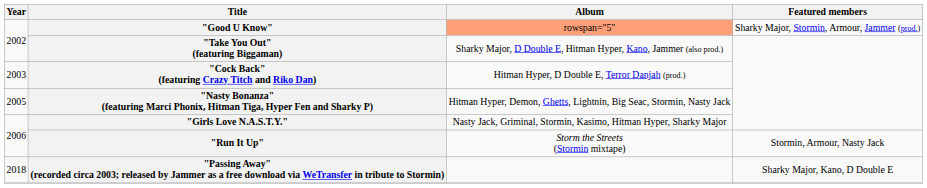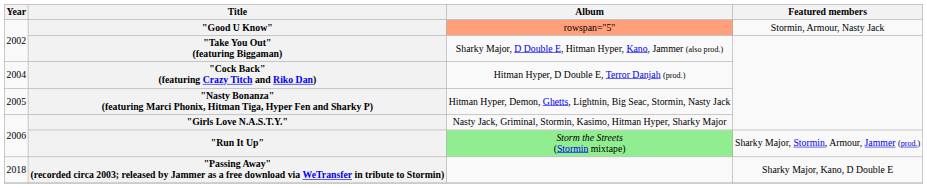 <table class="wikitable plainrowheaders" style="text-align:center;">
 <tr>
 <th scope="col" rowspan="1">Year</th>
 <th scope="col" rowspan="1">Title</th>
 <th scope="col" rowspan="1">Album</th>
 <th scope="col" rowspan="1">Featured members</th>
 </tr>
 <tr>
 <td rowspan="2">2002</td>
 <th scope="row">"Good U Know"</th>
 <td style="background: lightsalmon;">rowspan="5" </td>
-<td>Sharky Major, <a href='#'>Stormin</a>, Armour, <a href='#'>Jammer</a> <small>(<a href='#'>prod.</a>)</small></td>
+<td>Stormin, Armour, Nasty Jack</td>
 </tr>
 <tr>
 <th scope="row">"Take You Out"<br><span>(featuring Biggaman)</span></th>
 <td>Sharky Major, <a href='#'>D Double E</a>, Hitman Hyper, <a href='#'>Kano</a>, Jammer <small>(also prod.)</small></td>
 </tr>
 <tr>
-<td>2003</td>
+<td>2004</td>
 <th scope="row">"Cock Back"<br><span>(featuring <a href='#'>Crazy Titch</a> and <a href='#'>Riko Dan</a>)</span></th>
 <td>Hitman Hyper, D Double E, <a href='#'>Terror Danjah</a> <small>(prod.)</small></td>
 </tr>
 <tr>
 <td>2005</td>
 <th scope="row">"Nasty Bonanza"<br><span>(featuring Marci Phonix, Hitman Tiga, Hyper Fen and Sharky P)</span></th>
 <td>Hitman Hyper, Demon, <a href='#'>Ghetts</a>, Lightnin, Big Seac, Stormin, Nasty Jack</td>
 </tr>
 <tr>
 <td rowspan="2">2006</td>
 <th scope="row">"Girls Love N.A.S.T.Y."</th>
 <td>Nasty Jack, Griminal, Stormin, Kasimo, Hitman Hyper, Sharky Major</td>
 </tr>
 <tr>
 <th scope="row">"Run It Up"</th>
-<td><em>Storm the Streets</em><br><span>(<a href='#'>Stormin</a> mixtape)</span></td>
-<td>Stormin, Armour, Nasty Jack</td>
+<td style="background: lightgreen;"><em>Storm the Streets</em><br><span>(<a href='#'>Stormin</a> mixtape)</span></td>
+<td>Sharky Major, <a href='#'>Stormin</a>, Armour, <a href='#'>Jammer</a> <small>(<a href='#'>prod.</a>)</small></td>
 </tr>
 <tr>
 <td>2018</td>
 <th scope="row">"Passing Away"<br><span>(recorded circa 2003; released by Jammer as a free download via <a href='#'>WeTransfer</a> in tribute to Stormin)</span></th>
 <td></td>
 <td>Sharky Major, Kano, D Double E</td>
 </tr>
 <tr>
 </tr>
 </table>
